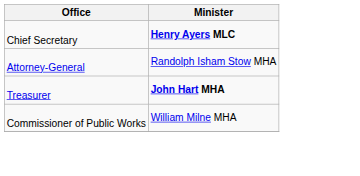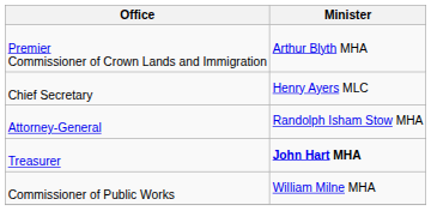 <table class="wikitable">
 <tr>
 <th>Office</th>
 <th>Minister</th>
 </tr>
 <tr>
+<td><br><a href='#'>Premier</a><br> Commissioner of Crown Lands and Immigration</td>
+<td><a href='#'>Arthur Blyth</a> MHA</td>
+</tr>
+<tr>
 <td><br>Chief Secretary<br></td>
-<td><strong><a href='#'>Henry Ayers</a> MLC</strong></td>
+<td><a href='#'>Henry Ayers</a> MLC</td>
 </tr>
 <tr>
 <td><br><a href='#'>Attorney-General</a></td>
 <td><a href='#'>Randolph Isham Stow</a> MHA</td>
 </tr>
 <tr>
 <td><br><a href='#'>Treasurer</a></td>
 <td><strong><a href='#'>John Hart</a> MHA</strong></td>
 </tr>
 <tr>
 <td><br>Commissioner of Public Works<br></td>
 <td><a href='#'>William Milne</a> MHA</td>
 </tr>
 <tr>
 </tr>
 </table>
